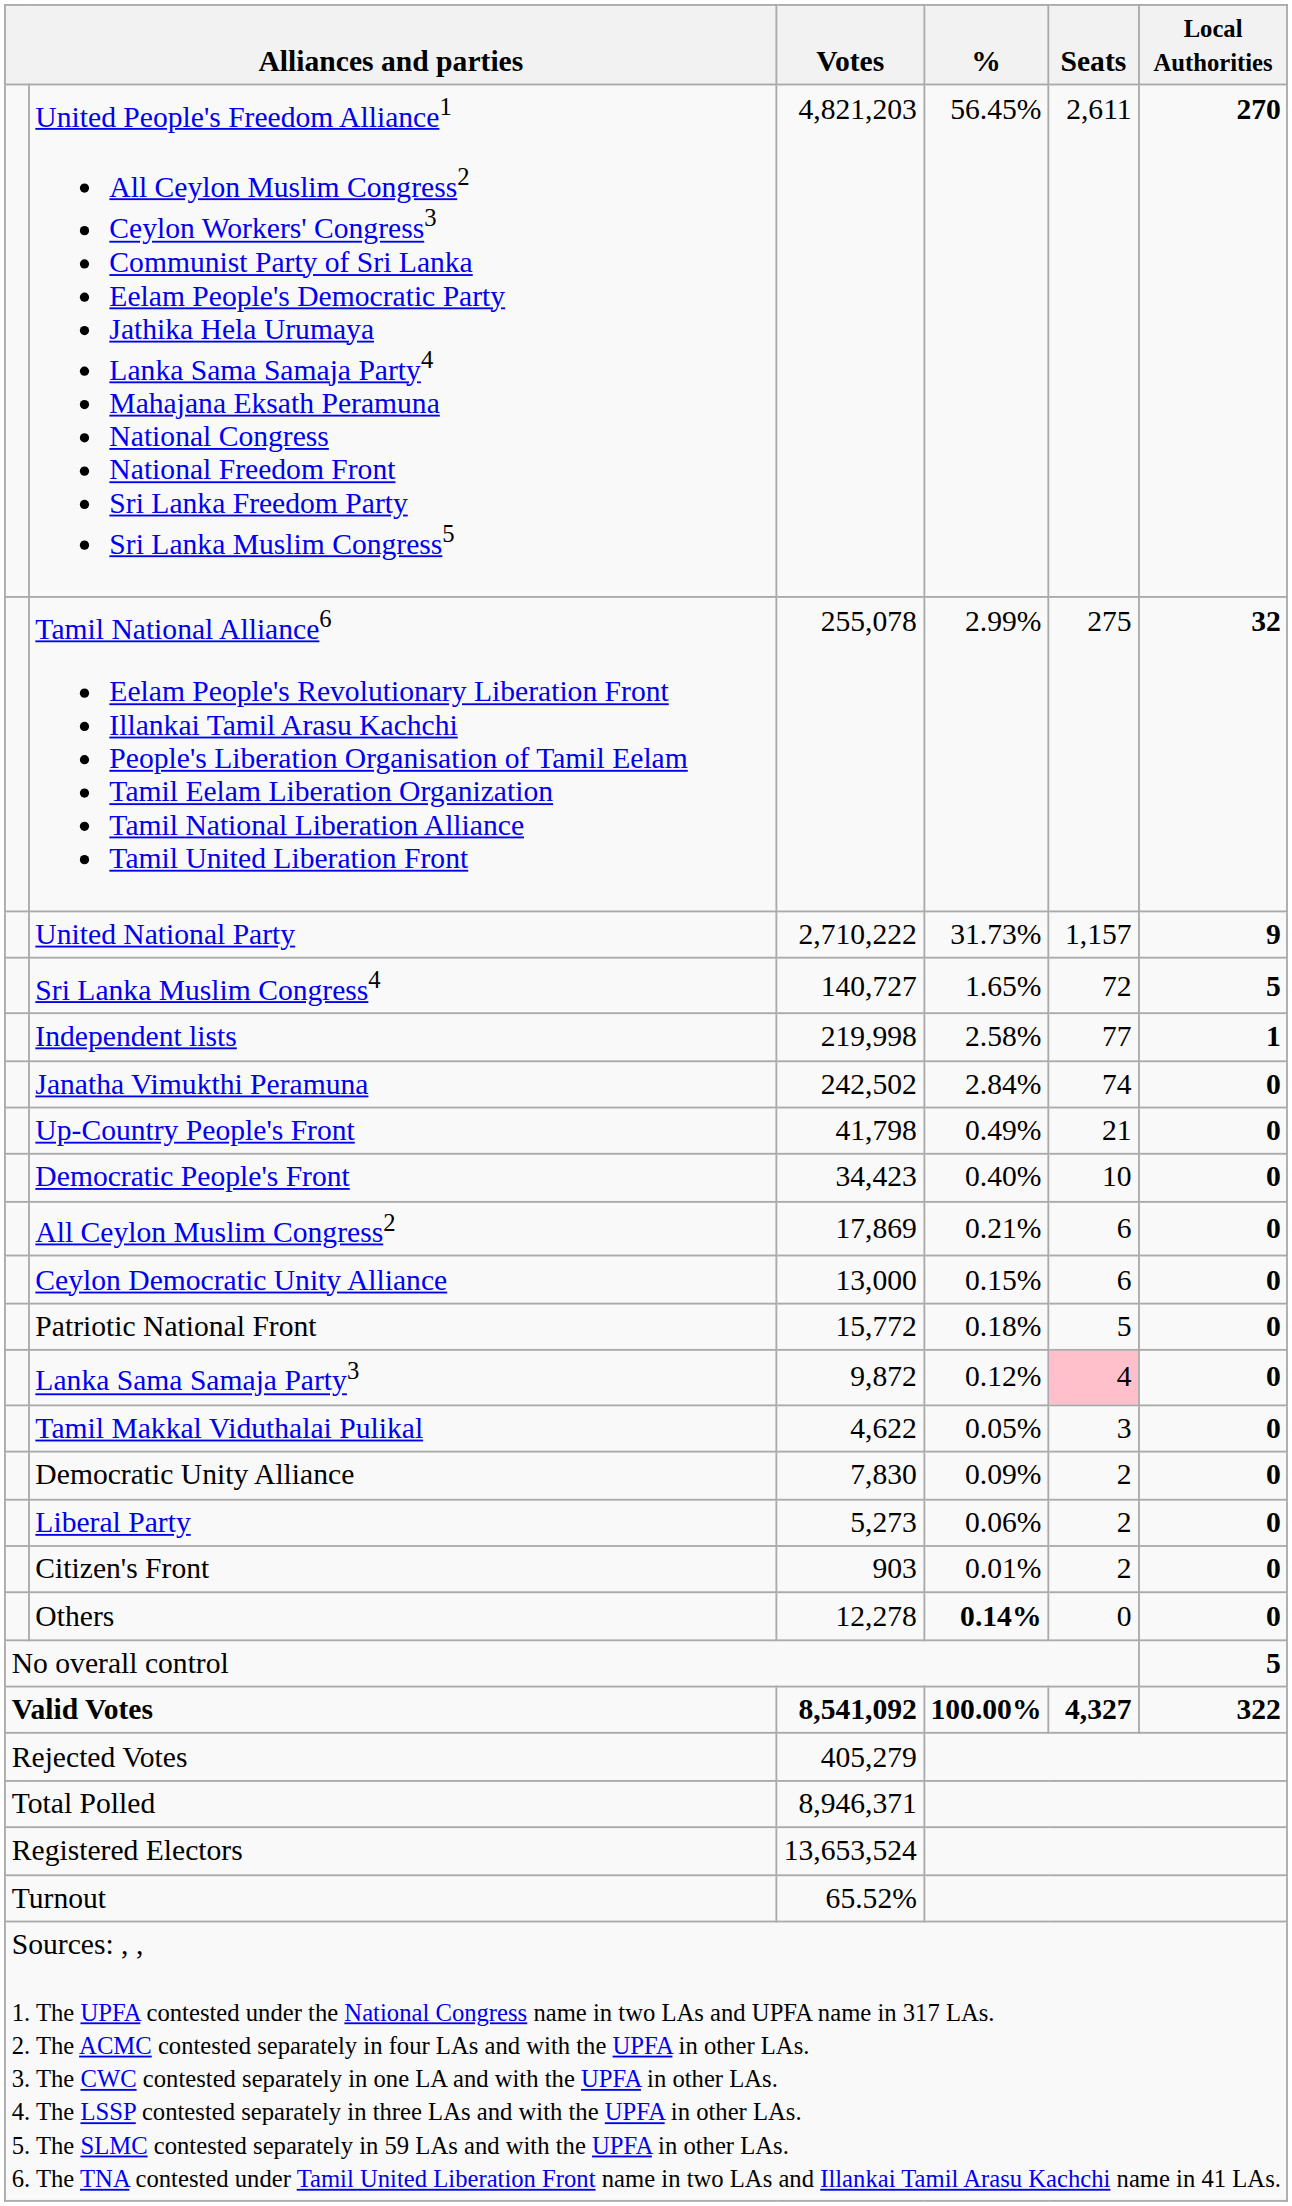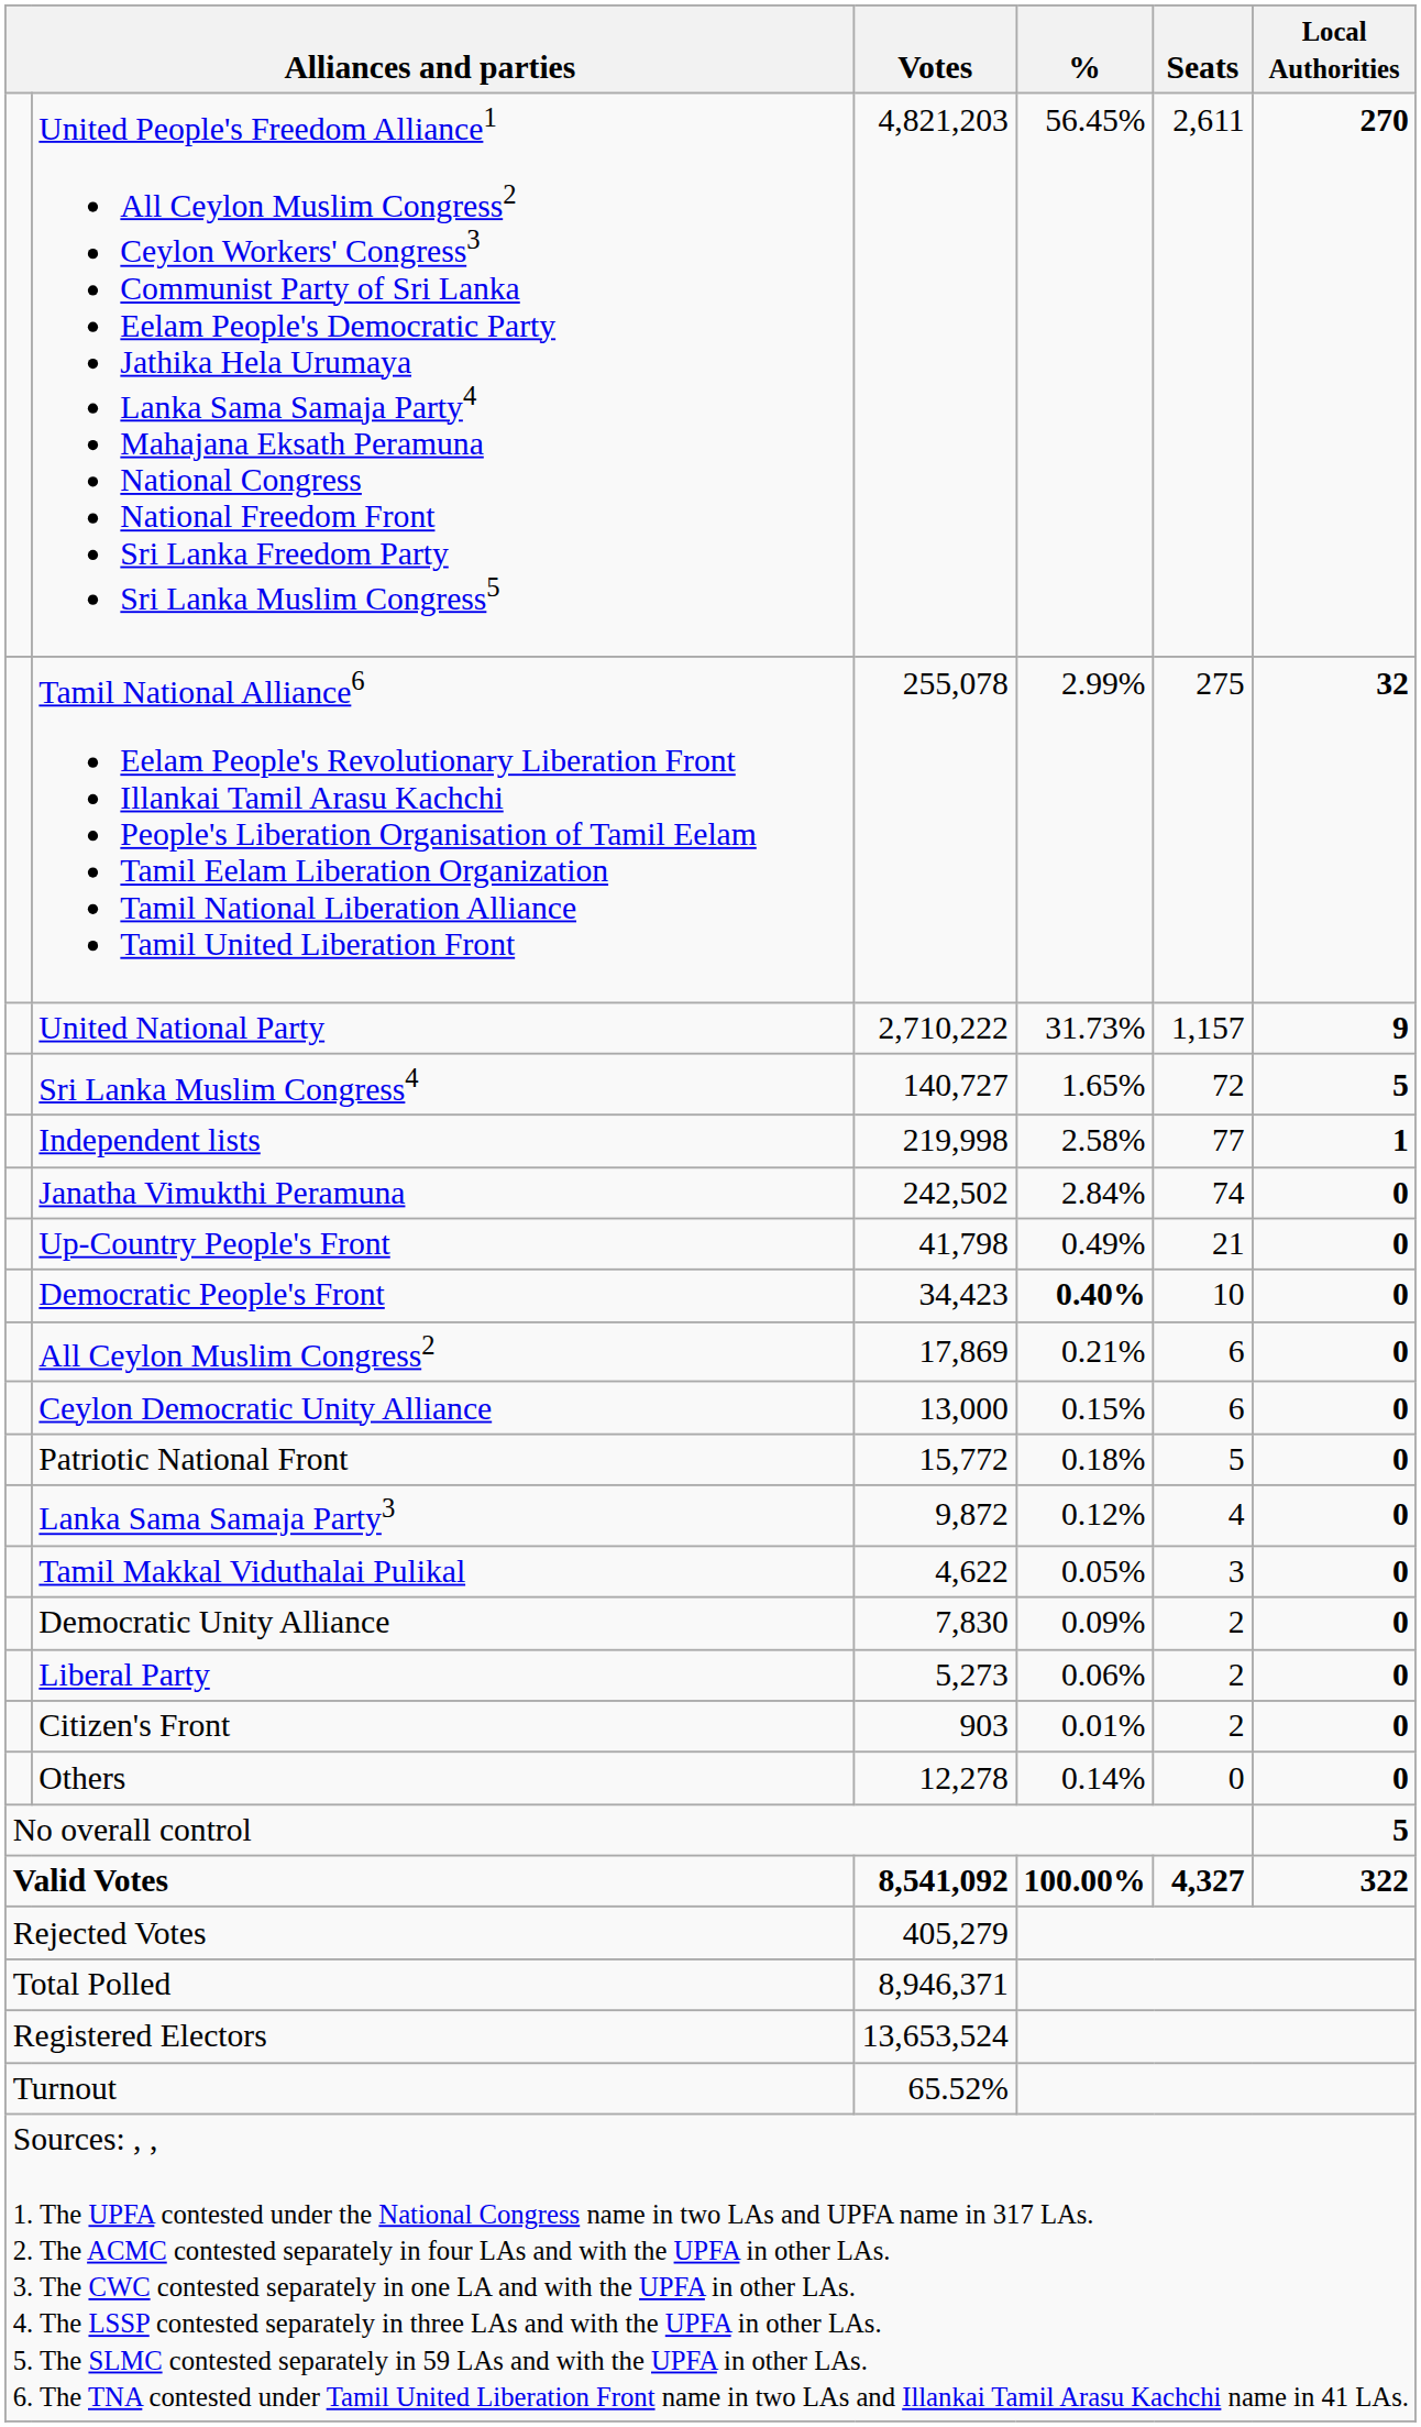 <table class="wikitable" border="1" style="text-align:right;">
 <tr>
 <th valign=bottom align=left colspan=2>Alliances and parties</th>
 <th valign=bottom align=center width="60">Votes</th>
 <th valign=bottom align=center width="50">%</th>
 <th valign=bottom align=center>Seats</th>
 <th valign=bottom align=center><small>Local<br>Authorities</small></th>
 </tr>
 <tr valign=top>
 <td bgcolor=> </td>
 <td align=left><a href='#'>United People's Freedom Alliance</a><sup>1</sup><br><ul><li><a href='#'>All Ceylon Muslim Congress</a><sup>2</sup></li><li><a href='#'>Ceylon Workers' Congress</a><sup>3</sup></li><li><a href='#'>Communist Party of Sri Lanka</a></li><li><a href='#'>Eelam People's Democratic Party</a></li><li><a href='#'>Jathika Hela Urumaya</a></li><li><a href='#'>Lanka Sama Samaja Party</a><sup>4</sup></li><li><a href='#'>Mahajana Eksath Peramuna</a></li><li><a href='#'>National Congress</a></li><li><a href='#'>National Freedom Front</a></li><li><a href='#'>Sri Lanka Freedom Party</a></li><li><a href='#'>Sri Lanka Muslim Congress</a><sup>5</sup></li></ul></td>
 <td>4,821,203</td>
 <td>56.45%</td>
 <td>2,611</td>
 <td><strong>270</strong></td>
 </tr>
 <tr valign=top>
 <td bgcolor=> </td>
 <td align=left><a href='#'>Tamil National Alliance</a><sup>6</sup><br><ul><li><a href='#'>Eelam People's Revolutionary Liberation Front</a></li><li><a href='#'>Illankai Tamil Arasu Kachchi</a></li><li><a href='#'>People's Liberation Organisation of Tamil Eelam</a></li><li><a href='#'>Tamil Eelam Liberation Organization</a></li><li><a href='#'>Tamil National Liberation Alliance</a></li><li><a href='#'>Tamil United Liberation Front</a></li></ul></td>
 <td>255,078</td>
 <td>2.99%</td>
 <td>275</td>
 <td><strong>32</strong></td>
 </tr>
 <tr>
 <td bgcolor=> </td>
 <td align=left><a href='#'>United National Party</a></td>
 <td>2,710,222</td>
 <td>31.73%</td>
 <td>1,157</td>
 <td><strong>9</strong></td>
 </tr>
 <tr>
 <td bgcolor=> </td>
 <td align=left><a href='#'>Sri Lanka Muslim Congress</a><sup>4</sup></td>
 <td>140,727</td>
 <td>1.65%</td>
 <td>72</td>
 <td><strong>5</strong></td>
 </tr>
 <tr>
 <td></td>
 <td align=left><a href='#'>Independent lists</a></td>
 <td>219,998</td>
 <td>2.58%</td>
 <td>77</td>
 <td><strong>1</strong></td>
 </tr>
 <tr>
 <td bgcolor=> </td>
 <td align=left><a href='#'>Janatha Vimukthi Peramuna</a></td>
 <td>242,502</td>
 <td>2.84%</td>
 <td>74</td>
 <td><strong>0</strong></td>
 </tr>
 <tr>
 <td bgcolor=> </td>
 <td align=left><a href='#'>Up-Country People's Front</a></td>
 <td>41,798</td>
 <td>0.49%</td>
 <td>21</td>
 <td><strong>0</strong></td>
 </tr>
 <tr>
 <td bgcolor=> </td>
 <td align=left><a href='#'>Democratic People's Front</a></td>
 <td>34,423</td>
-<td>0.40%</td>
+<td><strong>0.40%</strong></td>
 <td>10</td>
 <td><strong>0</strong></td>
 </tr>
 <tr>
 <td></td>
 <td align=left><a href='#'>All Ceylon Muslim Congress</a><sup>2</sup></td>
 <td>17,869</td>
 <td>0.21%</td>
 <td>6</td>
 <td><strong>0</strong></td>
 </tr>
 <tr>
 <td></td>
 <td align=left><a href='#'>Ceylon Democratic Unity Alliance</a></td>
 <td>13,000</td>
 <td>0.15%</td>
 <td>6</td>
 <td><strong>0</strong></td>
 </tr>
 <tr>
 <td></td>
 <td align=left>Patriotic National Front</td>
 <td>15,772</td>
 <td>0.18%</td>
 <td>5</td>
 <td><strong>0</strong></td>
 </tr>
 <tr>
 <td bgcolor=> </td>
 <td align=left><a href='#'>Lanka Sama Samaja Party</a><sup>3</sup></td>
 <td>9,872</td>
 <td>0.12%</td>
-<td style="background: pink;">4</td>
+<td>4</td>
 <td><strong>0</strong></td>
 </tr>
 <tr>
 <td></td>
 <td align=left><a href='#'>Tamil Makkal Viduthalai Pulikal</a></td>
 <td>4,622</td>
 <td>0.05%</td>
 <td>3</td>
 <td><strong>0</strong></td>
 </tr>
 <tr>
 <td bgcolor=> </td>
 <td align=left>Democratic Unity Alliance</td>
 <td>7,830</td>
 <td>0.09%</td>
 <td>2</td>
 <td><strong>0</strong></td>
 </tr>
 <tr>
 <td></td>
 <td align=left><a href='#'>Liberal Party</a></td>
 <td>5,273</td>
 <td>0.06%</td>
 <td>2</td>
 <td><strong>0</strong></td>
 </tr>
 <tr>
 <td></td>
 <td align=left>Citizen's Front</td>
 <td>903</td>
 <td>0.01%</td>
 <td>2</td>
 <td><strong>0</strong></td>
 </tr>
 <tr>
 <td></td>
 <td align=left>Others</td>
 <td>12,278</td>
-<td><strong>0.14%</strong></td>
+<td>0.14%</td>
 <td>0</td>
 <td><strong>0</strong></td>
 </tr>
 <tr>
 <td colspan=5 align=left>No overall control</td>
 <td><strong>5</strong></td>
 </tr>
 <tr>
 <td colspan=2 align=left><strong>Valid Votes</strong></td>
 <td><strong>8,541,092</strong></td>
 <td><strong>100.00%</strong></td>
 <td><strong>4,327</strong></td>
 <td><strong>322</strong></td>
 </tr>
 <tr>
 <td colspan=2 align=left>Rejected Votes</td>
 <td>405,279</td>
 <td colspan=3></td>
 </tr>
 <tr>
 <td colspan=2 align=left>Total Polled</td>
 <td>8,946,371</td>
 <td colspan=3></td>
 </tr>
 <tr>
 <td colspan=2 align=left>Registered Electors</td>
 <td>13,653,524</td>
 <td colspan=3></td>
 </tr>
 <tr>
 <td colspan=2 align=left>Turnout</td>
 <td>65.52%</td>
 <td colspan=3></td>
 </tr>
 <tr>
 <td align=left colspan=7>Sources: , , <br><br><small>1. The <a href='#'>UPFA</a> contested under the <a href='#'>National Congress</a> name in two LAs and UPFA name in 317 LAs.<br> 2. The <a href='#'>ACMC</a> contested separately in four LAs and with the <a href='#'>UPFA</a> in other LAs.<br> 3. The <a href='#'>CWC</a> contested separately in one LA and with the <a href='#'>UPFA</a> in other LAs.<br> 4. The <a href='#'>LSSP</a> contested separately in three LAs and with the <a href='#'>UPFA</a> in other LAs.<br> 5. The <a href='#'>SLMC</a> contested separately in 59 LAs and with the <a href='#'>UPFA</a> in other LAs.<br> 6. The <a href='#'>TNA</a> contested under <a href='#'>Tamil United Liberation Front</a> name in two LAs and <a href='#'>Illankai Tamil Arasu Kachchi</a> name in 41 LAs.</small></td>
 </tr>
 </table>
